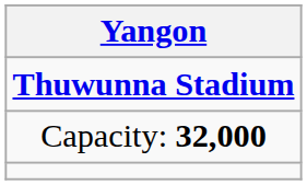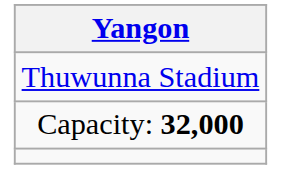 <table class="wikitable" style="margin:1em auto; text-align:center">
 <tr>
 <th><a href='#'>Yangon</a></th>
 </tr>
 <tr>
-<td><strong><a href='#'>Thuwunna Stadium</a></strong></td>
+<td><a href='#'>Thuwunna Stadium</a></td>
 </tr>
 <tr>
 <td>Capacity: <strong>32,000</strong></td>
 </tr>
 <tr>
 <td></td>
 </tr>
 </table>
